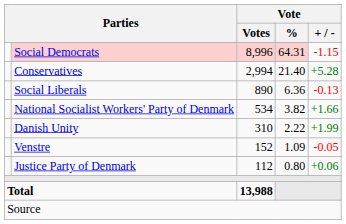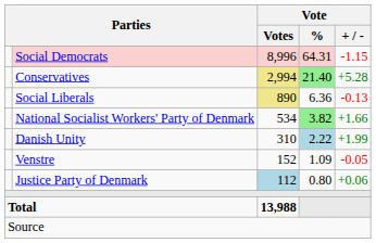 <table class="wikitable" style="text-align:right;">
 <tr>
 <th style="text-align:centre;" rowspan="2" colspan="2" width="225">Parties</th>
 <th colspan="3">Vote</th>
 </tr>
 <tr>
 <th width="15">Votes</th>
 <th width="15">%</th>
 <th width="15">+ / -</th>
 </tr>
 <tr>
 <td width="2" style="color:inherit;background:"></td>
 <td bgcolor=#fbd0ce  align="left"><a href='#'>Social Democrats</a></td>
 <td bgcolor=#fbd0ce>8,996</td>
 <td bgcolor=#fbd0ce>64.31</td>
 <td style=color:red;>-1.15</td>
 </tr>
 <tr>
 <td width="2" style="color:inherit;background:"></td>
 <td align="left"><a href='#'>Conservatives</a></td>
-<td>2,994</td>
-<td>21.40</td>
+<td style="background: khaki;">2,994</td>
+<td style="background: lightgreen;">21.40</td>
 <td style=color:green;>+5.28</td>
 </tr>
 <tr>
 <td width="2" style="color:inherit;background:"></td>
 <td align="left"><a href='#'>Social Liberals</a></td>
-<td>890</td>
+<td style="background: khaki;">890</td>
 <td>6.36</td>
 <td style=color:red;>-0.13</td>
 </tr>
 <tr>
 <td width="2" style="color:inherit;background:"></td>
 <td align="left"><a href='#'>National Socialist Workers' Party of Denmark</a></td>
 <td>534</td>
-<td>3.82</td>
+<td style="background: lightgreen;">3.82</td>
 <td style=color:green;>+1.66</td>
 </tr>
 <tr>
 <td width="2" style="color:inherit;background:"></td>
 <td align="left"><a href='#'>Danish Unity</a></td>
 <td>310</td>
-<td>2.22</td>
+<td style="background: lightblue;">2.22</td>
 <td style=color:green;>+1.99</td>
 </tr>
 <tr>
 <td width="2" style="color:inherit;background:"></td>
 <td align="left"><a href='#'>Venstre</a></td>
 <td>152</td>
 <td>1.09</td>
 <td style=color:red;>-0.05</td>
 </tr>
 <tr>
 <td width="2" style="color:inherit;background:"></td>
 <td align="left"><a href='#'>Justice Party of Denmark</a></td>
-<td>112</td>
+<td style="background: lightblue;">112</td>
 <td>0.80</td>
 <td style=color:green;>+0.06</td>
 </tr>
 <tr>
 <td colspan="7" bgcolor="#E9E9E9"></td>
 </tr>
 <tr>
 <td align="left" colspan="2"><strong>Total</strong></td>
 <td><strong>13,988</strong></td>
 <td bgcolor="#E9E9E9" colspan="2"></td>
 </tr>
 <tr>
 <td align="left" colspan="6">Source</td>
 </tr>
 </table>
